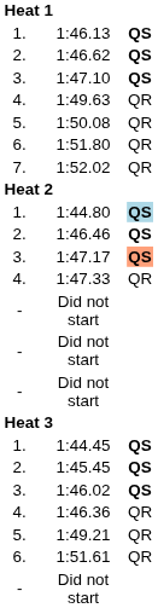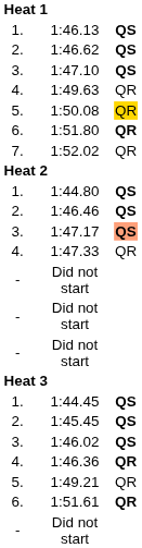 <table style="text-align:center">
 <tr>
 <td colspan=4 align=left><strong>Heat 1</strong></td>
 </tr>
 <tr>
 <td width=30>1.</td>
 <td align=left></td>
 <td width=80>1:46.13</td>
 <td><strong>QS</strong></td>
 </tr>
 <tr>
 <td>2.</td>
 <td align=left></td>
 <td>1:46.62</td>
 <td><strong>QS</strong></td>
 </tr>
 <tr>
 <td>3.</td>
 <td align=left></td>
 <td>1:47.10</td>
 <td><strong>QS</strong></td>
 </tr>
 <tr>
 <td>4.</td>
 <td align=left></td>
 <td>1:49.63</td>
 <td>QR</td>
 </tr>
 <tr>
 <td>5.</td>
 <td align=left></td>
 <td>1:50.08</td>
-<td>QR</td>
+<td style="background: gold;">QR</td>
 </tr>
 <tr>
 <td>6.</td>
 <td align=left></td>
 <td>1:51.80</td>
-<td>QR</td>
+<td><strong>QR</strong></td>
 </tr>
 <tr>
 <td>7.</td>
 <td align=left></td>
 <td>1:52.02</td>
 <td>QR</td>
 </tr>
 <tr>
 <td colspan=4 align=left><strong>Heat 2</strong></td>
 </tr>
 <tr>
 <td>1.</td>
 <td align=left></td>
 <td>1:44.80</td>
-<td style="background: lightblue;"><strong>QS</strong></td>
+<td><strong>QS</strong></td>
 </tr>
 <tr>
 <td>2.</td>
 <td align=left></td>
 <td>1:46.46</td>
 <td><strong>QS</strong></td>
 </tr>
 <tr>
 <td>3.</td>
 <td align=left></td>
 <td>1:47.17</td>
 <td style="background: lightsalmon;"><strong>QS</strong></td>
 </tr>
 <tr>
 <td>4.</td>
 <td align=left></td>
 <td>1:47.33</td>
 <td>QR</td>
 </tr>
 <tr>
 <td>-</td>
 <td align=left></td>
 <td>Did not start</td>
 <td></td>
 </tr>
 <tr>
 <td>-</td>
 <td align=left></td>
 <td>Did not start</td>
 <td></td>
 </tr>
 <tr>
 <td>-</td>
 <td align=left></td>
 <td>Did not start</td>
 <td></td>
 </tr>
 <tr>
 <td colspan=4 align=left><strong>Heat 3</strong></td>
 </tr>
 <tr>
 <td>1.</td>
 <td align=left></td>
 <td>1:44.45</td>
 <td><strong>QS</strong></td>
 </tr>
 <tr>
 <td>2.</td>
 <td align=left></td>
 <td>1:45.45</td>
 <td><strong>QS</strong></td>
 </tr>
 <tr>
 <td>3.</td>
 <td align=left></td>
 <td>1:46.02</td>
 <td><strong>QS</strong></td>
 </tr>
 <tr>
 <td>4.</td>
 <td align=left></td>
 <td>1:46.36</td>
-<td>QR</td>
+<td><strong>QR</strong></td>
 </tr>
 <tr>
 <td>5.</td>
 <td align=left></td>
 <td>1:49.21</td>
 <td>QR</td>
 </tr>
 <tr>
 <td>6.</td>
 <td align=left></td>
 <td>1:51.61</td>
-<td>QR</td>
+<td><strong>QR</strong></td>
 </tr>
 <tr>
 <td>-</td>
 <td align=left></td>
 <td>Did not start</td>
 <td></td>
 </tr>
 </table>
